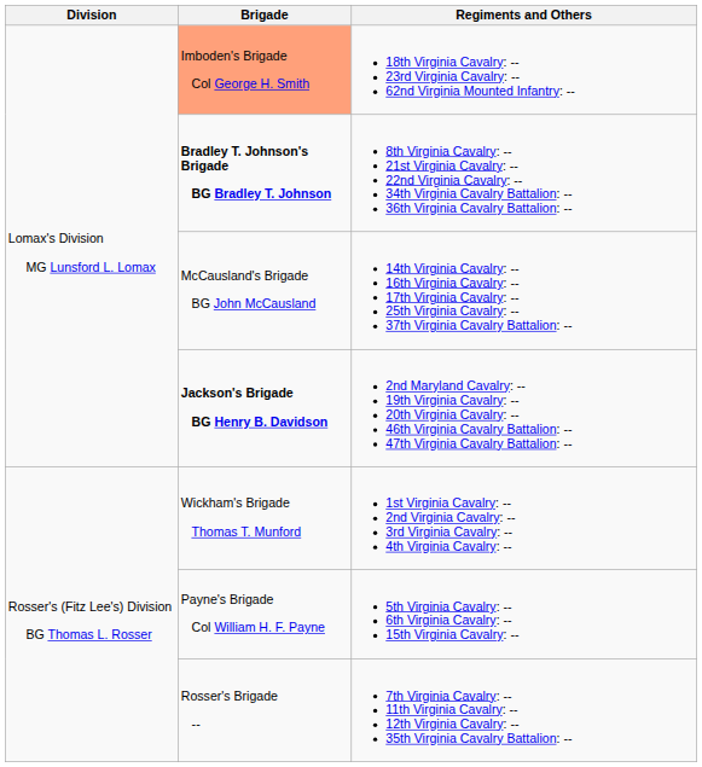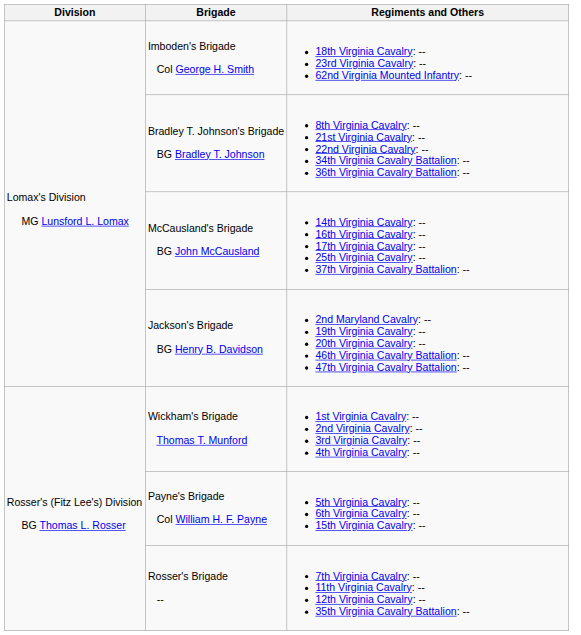 <table class="wikitable">
 <tr>
 <th width=25%>Division</th>
 <th width=25%>Brigade</th>
 <th>Regiments and Others</th>
 </tr>
 <tr>
 <td rowspan=4><br>Lomax's Division<br><br>     MG <a href='#'>Lunsford L. Lomax</a></td>
-<td style="background: lightsalmon;">Imboden's Brigade<br><br>   Col <a href='#'>George H. Smith</a></td>
+<td>Imboden's Brigade<br><br>   Col <a href='#'>George H. Smith</a></td>
 <td><br><ul><li><a href='#'>18th Virginia Cavalry</a>: --</li><li><a href='#'>23rd Virginia Cavalry</a>: --</li><li><a href='#'>62nd Virginia Mounted Infantry</a>: --</li></ul></td>
 </tr>
 <tr>
-<td><strong>Bradley T. Johnson's Brigade<br><br>   BG <a href='#'>Bradley T. Johnson</a></strong></td>
+<td>Bradley T. Johnson's Brigade<br><br>   BG <a href='#'>Bradley T. Johnson</a></td>
 <td><br><ul><li><a href='#'>8th Virginia Cavalry</a>: --</li><li><a href='#'>21st Virginia Cavalry</a>: --</li><li><a href='#'>22nd Virginia Cavalry</a>: --</li><li><a href='#'>34th Virginia Cavalry Battalion</a>: --</li><li><a href='#'>36th Virginia Cavalry Battalion</a>: --</li></ul></td>
 </tr>
 <tr>
 <td>McCausland's Brigade<br><br>   BG <a href='#'>John McCausland</a></td>
 <td><br><ul><li><a href='#'>14th Virginia Cavalry</a>: --</li><li><a href='#'>16th Virginia Cavalry</a>: --</li><li><a href='#'>17th Virginia Cavalry</a>: --</li><li><a href='#'>25th Virginia Cavalry</a>: --</li><li><a href='#'>37th Virginia Cavalry Battalion</a>: --</li></ul></td>
 </tr>
 <tr>
-<td><strong>Jackson's Brigade<br><br>   BG <a href='#'>Henry B. Davidson</a></strong></td>
+<td>Jackson's Brigade<br><br>   BG <a href='#'>Henry B. Davidson</a></td>
 <td><br><ul><li><a href='#'>2nd Maryland Cavalry</a>: --</li><li><a href='#'>19th Virginia Cavalry</a>: --</li><li><a href='#'>20th Virginia Cavalry</a>: --</li><li><a href='#'>46th Virginia Cavalry Battalion</a>: --</li><li><a href='#'>47th Virginia Cavalry Battalion</a>: --</li></ul></td>
 </tr>
 <tr>
 <td rowspan=3><br>Rosser's (Fitz Lee's) Division<br><br>     BG <a href='#'>Thomas L. Rosser</a></td>
 <td>Wickham's Brigade<br><br>   <a href='#'>Thomas T. Munford</a></td>
 <td><br><ul><li><a href='#'>1st Virginia Cavalry</a>: --</li><li><a href='#'>2nd Virginia Cavalry</a>: --</li><li><a href='#'>3rd Virginia Cavalry</a>: --</li><li><a href='#'>4th Virginia Cavalry</a>: --</li></ul></td>
 </tr>
 <tr>
 <td>Payne's Brigade<br><br>   Col <a href='#'>William H. F. Payne</a></td>
 <td><br><ul><li><a href='#'>5th Virginia Cavalry</a>: --</li><li><a href='#'>6th Virginia Cavalry</a>: --</li><li><a href='#'>15th Virginia Cavalry</a>: --</li></ul></td>
 </tr>
 <tr>
 <td>Rosser's Brigade<br><br>   --</td>
 <td><br><ul><li><a href='#'>7th Virginia Cavalry</a>: --</li><li><a href='#'>11th Virginia Cavalry</a>: --</li><li><a href='#'>12th Virginia Cavalry</a>: --</li><li><a href='#'>35th Virginia Cavalry Battalion</a>: --</li></ul></td>
 </tr>
 </table>
